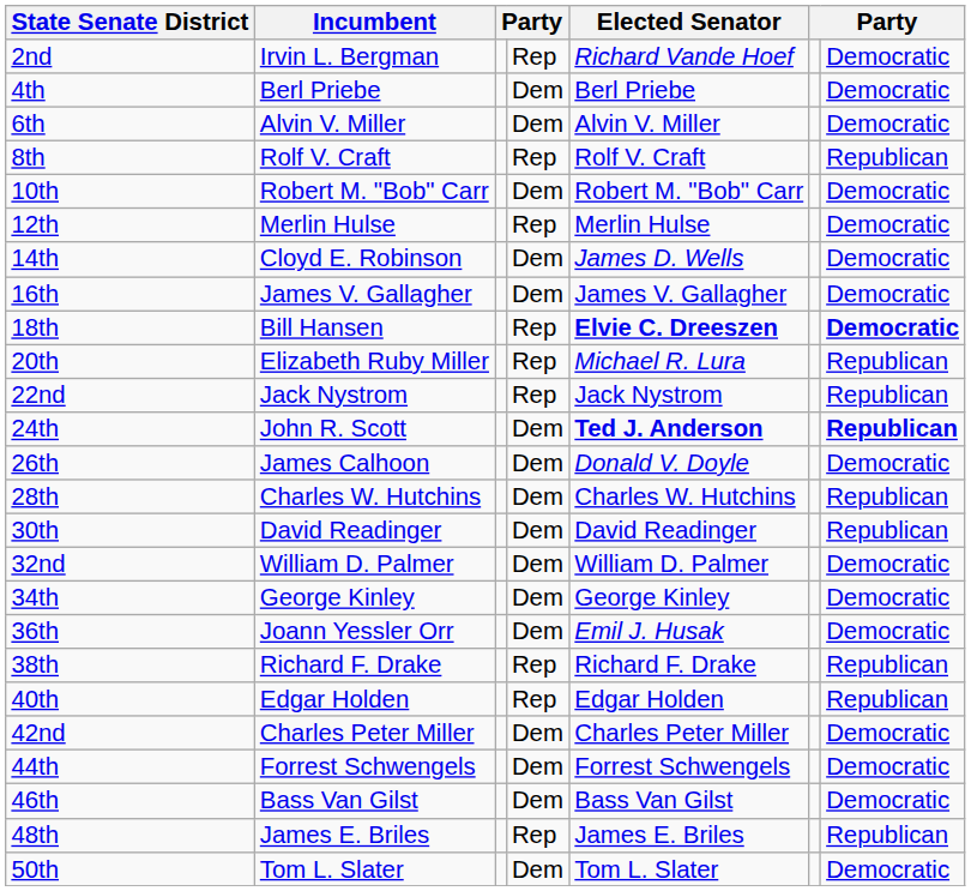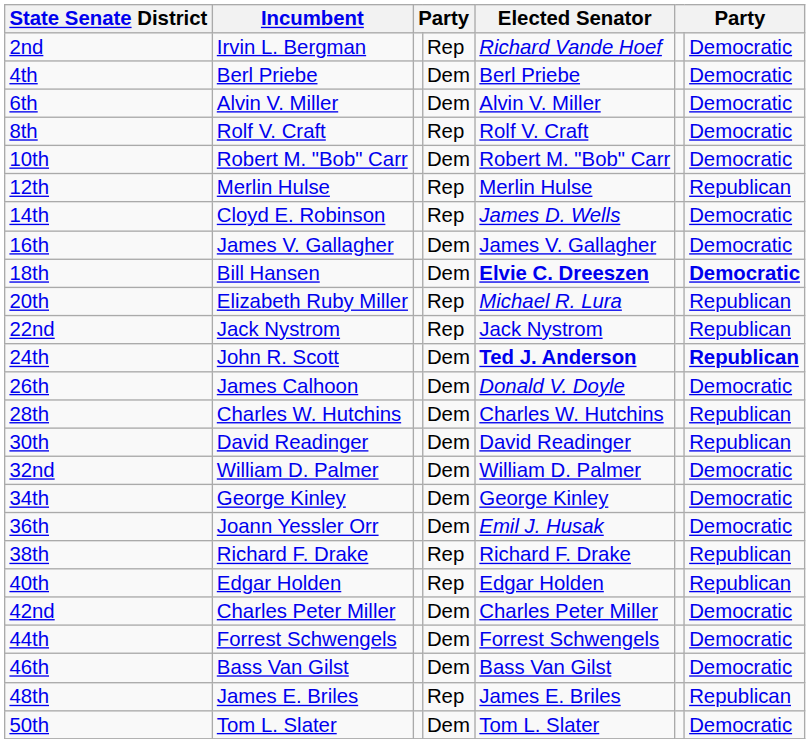 <table class="sortable wikitable" style="font-size:95%;line-height:14px;">
 <tr>
 <th class="unsortable"><a href='#'>State Senate</a> District</th>
 <th class="unsortable"><a href='#'>Incumbent</a></th>
 <th colspan="2">Party</th>
 <th class="unsortable">Elected Senator</th>
 <th colspan="2">Party</th>
 </tr>
 <tr>
 <td><a href='#'>2nd</a></td>
 <td><a href='#'>Irvin L. Bergman</a></td>
 <td style="background:"></td>
 <td>Rep</td>
 <td><em><a href='#'>Richard Vande Hoef</a></em></td>
 <td style="background:"></td>
 <td><a href='#'>Democratic</a></td>
 </tr>
 <tr>
 <td><a href='#'>4th</a></td>
 <td><a href='#'>Berl Priebe</a></td>
 <td style="background:"></td>
 <td>Dem</td>
 <td><a href='#'>Berl Priebe</a></td>
 <td style="background:"></td>
 <td><a href='#'>Democratic</a></td>
 </tr>
 <tr>
 <td><a href='#'>6th</a></td>
 <td><a href='#'>Alvin V. Miller</a></td>
 <td style="background:"></td>
 <td>Dem</td>
 <td><a href='#'>Alvin V. Miller</a></td>
 <td style="background:"></td>
 <td><a href='#'>Democratic</a></td>
 </tr>
 <tr>
 <td><a href='#'>8th</a></td>
 <td><a href='#'>Rolf V. Craft</a></td>
 <td style="background:"></td>
 <td>Rep</td>
 <td><a href='#'>Rolf V. Craft</a></td>
 <td style="background:"></td>
-<td><a href='#'>Republican</a></td>
+<td><a href='#'>Democratic</a></td>
 </tr>
 <tr>
 <td><a href='#'>10th</a></td>
 <td><a href='#'>Robert M. "Bob" Carr</a></td>
 <td style="background:"></td>
 <td>Dem</td>
 <td><a href='#'>Robert M. "Bob" Carr</a></td>
 <td style="background:"></td>
 <td><a href='#'>Democratic</a></td>
 </tr>
 <tr>
 <td><a href='#'>12th</a></td>
 <td><a href='#'>Merlin Hulse</a></td>
 <td style="background:"></td>
 <td>Rep</td>
 <td><a href='#'>Merlin Hulse</a></td>
 <td style="background:"></td>
-<td><a href='#'>Democratic</a></td>
+<td><a href='#'>Republican</a></td>
 </tr>
 <tr>
 <td><a href='#'>14th</a></td>
 <td><a href='#'>Cloyd E. Robinson</a></td>
 <td style="background:"></td>
-<td>Dem</td>
+<td>Rep</td>
 <td><em><a href='#'>James D. Wells</a></em></td>
 <td style="background:"></td>
 <td><a href='#'>Democratic</a></td>
 </tr>
 <tr>
 <td><a href='#'>16th</a></td>
 <td><a href='#'>James V. Gallagher</a></td>
 <td style="background:"></td>
 <td>Dem</td>
 <td><a href='#'>James V. Gallagher</a></td>
 <td style="background:"></td>
 <td><a href='#'>Democratic</a></td>
 </tr>
 <tr>
 <td><a href='#'>18th</a></td>
 <td><a href='#'>Bill Hansen</a></td>
 <td style="background:"></td>
-<td>Rep</td>
+<td>Dem</td>
 <td><strong><a href='#'>Elvie C. Dreeszen</a></strong></td>
 <td style="background:"></td>
 <td><strong><a href='#'>Democratic</a></strong></td>
 </tr>
 <tr>
 <td><a href='#'>20th</a></td>
 <td><a href='#'>Elizabeth Ruby Miller</a></td>
 <td style="background:"></td>
 <td>Rep</td>
 <td><em><a href='#'>Michael R. Lura</a></em></td>
 <td style="background:"></td>
 <td><a href='#'>Republican</a></td>
 </tr>
 <tr>
 <td><a href='#'>22nd</a></td>
 <td><a href='#'>Jack Nystrom</a></td>
 <td style="background:"></td>
 <td>Rep</td>
 <td><a href='#'>Jack Nystrom</a></td>
 <td style="background:"></td>
 <td><a href='#'>Republican</a></td>
 </tr>
 <tr>
 <td><a href='#'>24th</a></td>
 <td><a href='#'>John R. Scott</a></td>
 <td style="background:"></td>
 <td>Dem</td>
 <td><strong><a href='#'>Ted J. Anderson</a></strong></td>
 <td style="background:"></td>
 <td><strong><a href='#'>Republican</a></strong></td>
 </tr>
 <tr>
 <td><a href='#'>26th</a></td>
 <td><a href='#'>James Calhoon</a></td>
 <td style="background:"></td>
 <td>Dem</td>
 <td><em><a href='#'>Donald V. Doyle</a></em></td>
 <td style="background:"></td>
 <td><a href='#'>Democratic</a></td>
 </tr>
 <tr>
 <td><a href='#'>28th</a></td>
 <td><a href='#'>Charles W. Hutchins</a></td>
 <td style="background:"></td>
 <td>Dem</td>
 <td><a href='#'>Charles W. Hutchins</a></td>
 <td style="background:"></td>
 <td><a href='#'>Republican</a></td>
 </tr>
 <tr>
 <td><a href='#'>30th</a></td>
 <td><a href='#'>David Readinger</a></td>
 <td style="background:"></td>
 <td>Dem</td>
 <td><a href='#'>David Readinger</a></td>
 <td style="background:"></td>
 <td><a href='#'>Republican</a></td>
 </tr>
 <tr>
 <td><a href='#'>32nd</a></td>
 <td><a href='#'>William D. Palmer</a></td>
 <td style="background:"></td>
 <td>Dem</td>
 <td><a href='#'>William D. Palmer</a></td>
 <td style="background:"></td>
 <td><a href='#'>Democratic</a></td>
 </tr>
 <tr>
 <td><a href='#'>34th</a></td>
 <td><a href='#'>George Kinley</a></td>
 <td style="background:"></td>
 <td>Dem</td>
 <td><a href='#'>George Kinley</a></td>
 <td style="background:"></td>
 <td><a href='#'>Democratic</a></td>
 </tr>
 <tr>
 <td><a href='#'>36th</a></td>
 <td><a href='#'>Joann Yessler Orr</a></td>
 <td style="background:"></td>
 <td>Dem</td>
 <td><em><a href='#'>Emil J. Husak</a></em></td>
 <td style="background:"></td>
 <td><a href='#'>Democratic</a></td>
 </tr>
 <tr>
 <td><a href='#'>38th</a></td>
 <td><a href='#'>Richard F. Drake</a></td>
 <td style="background:"></td>
 <td>Rep</td>
 <td><a href='#'>Richard F. Drake</a></td>
 <td style="background:"></td>
 <td><a href='#'>Republican</a></td>
 </tr>
 <tr>
 <td><a href='#'>40th</a></td>
 <td><a href='#'>Edgar Holden</a></td>
 <td style="background:"></td>
 <td>Rep</td>
 <td><a href='#'>Edgar Holden</a></td>
 <td style="background:"></td>
 <td><a href='#'>Republican</a></td>
 </tr>
 <tr>
 <td><a href='#'>42nd</a></td>
 <td><a href='#'>Charles Peter Miller</a></td>
 <td style="background:"></td>
 <td>Dem</td>
 <td><a href='#'>Charles Peter Miller</a></td>
 <td style="background:"></td>
 <td><a href='#'>Democratic</a></td>
 </tr>
 <tr>
 <td><a href='#'>44th</a></td>
 <td><a href='#'>Forrest Schwengels</a></td>
 <td style="background:"></td>
 <td>Dem</td>
 <td><a href='#'>Forrest Schwengels</a></td>
 <td style="background:"></td>
 <td><a href='#'>Democratic</a></td>
 </tr>
 <tr>
 <td><a href='#'>46th</a></td>
 <td><a href='#'>Bass Van Gilst</a></td>
 <td style="background:"></td>
 <td>Dem</td>
 <td><a href='#'>Bass Van Gilst</a></td>
 <td style="background:"></td>
 <td><a href='#'>Democratic</a></td>
 </tr>
 <tr>
 <td><a href='#'>48th</a></td>
 <td><a href='#'>James E. Briles</a></td>
 <td style="background:"></td>
 <td>Rep</td>
 <td><a href='#'>James E. Briles</a></td>
 <td style="background:"></td>
 <td><a href='#'>Republican</a></td>
 </tr>
 <tr>
 <td><a href='#'>50th</a></td>
 <td><a href='#'>Tom L. Slater</a></td>
 <td style="background:"></td>
 <td>Dem</td>
 <td><a href='#'>Tom L. Slater</a></td>
 <td style="background:"></td>
 <td><a href='#'>Democratic</a></td>
 </tr>
 <tr>
 </tr>
 </table>
